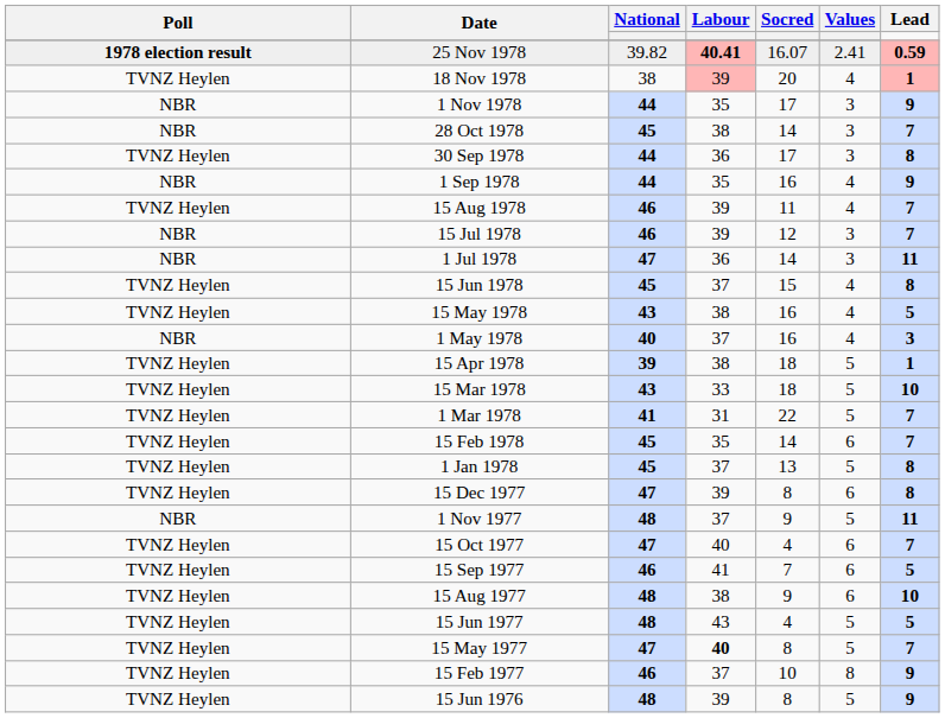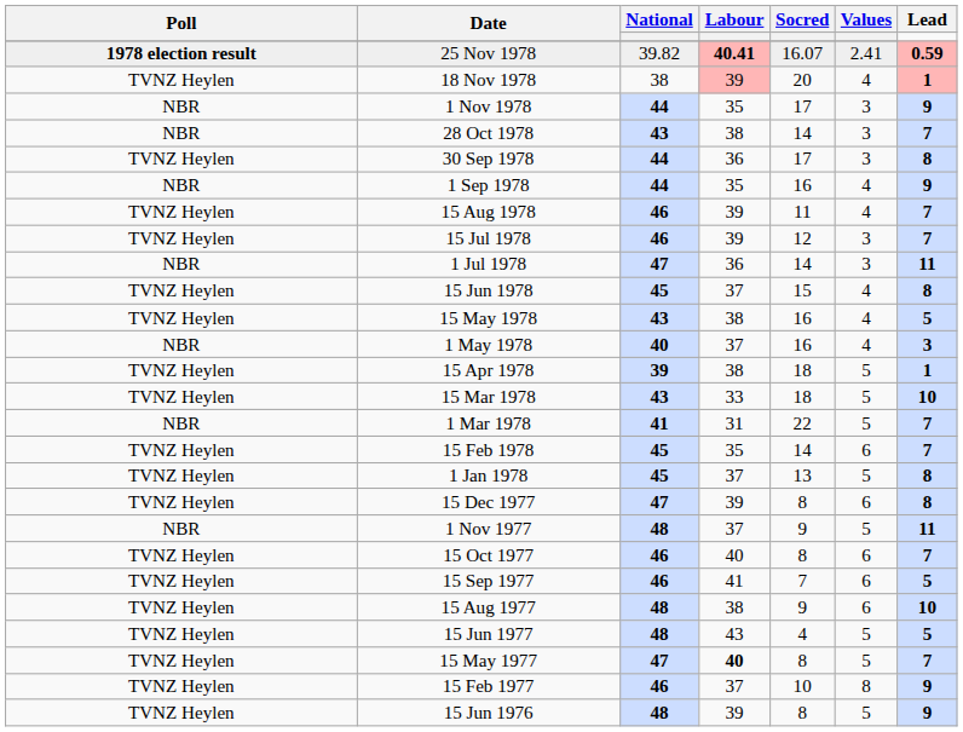 <table class="wikitable sortable" style="width:750px;font-size:90%;line-height:14px;text-align:center;">
 <tr>
 <th style="width:270px;" rowspan="2">Poll</th>
 <th style="width:200px;" rowspan="2">Date</th>
 <th><a href='#'>National</a></th>
 <th><a href='#'>Labour</a></th>
 <th><a href='#'>Socred</a></th>
 <th><a href='#'>Values</a></th>
 <th data-sort-type="number" style="width:40px;">Lead</th>
 </tr>
 <tr>
 <th class="unsortable" style="color:inherit;background:"></th>
 <th class="unsortable" style="color:inherit;background:"></th>
 <th class="unsortable" style="color:inherit;background:"></th>
 <th class="unsortable" style="color:inherit;background:"></th>
 </tr>
 <tr>
 </tr>
 <tr style="background:#EFEFEF; font-weight:italic;">
 <td><strong>1978 election result</strong></td>
 <td data-sort-value="1975-11-29">25 Nov 1978</td>
 <td>39.82</td>
 <td style="background:#FFB6B6"><strong>40.41</strong></td>
 <td>16.07</td>
 <td>2.41</td>
 <td style="background:#FFB6B6"><strong>0.59</strong></td>
 </tr>
 <tr>
 <td>TVNZ Heylen</td>
 <td data-sort-value="1975-02-15">18 Nov 1978</td>
 <td>38</td>
 <td style="background:#FFB6B6">39</td>
 <td>20</td>
 <td>4</td>
 <td style="background:#FFB6B6"><strong>1</strong></td>
 </tr>
 <tr>
 <td>NBR</td>
 <td data-sort-value="1975-02-15">1 Nov 1978</td>
 <td style="background:#CCDDFF"><strong>44</strong></td>
 <td>35</td>
 <td>17</td>
 <td>3</td>
 <td style="background:#CCDDFF"><strong>9</strong></td>
 </tr>
 <tr>
 <td>NBR</td>
 <td data-sort-value="1975-02-15">28 Oct 1978</td>
-<td style="background:#CCDDFF"><strong>45</strong></td>
+<td style="background:#CCDDFF"><strong>43</strong></td>
 <td>38</td>
 <td>14</td>
 <td>3</td>
 <td style="background:#CCDDFF"><strong>7</strong></td>
 </tr>
 <tr>
 <td>TVNZ Heylen</td>
 <td data-sort-value="1975-02-15">30 Sep 1978</td>
 <td style="background:#CCDDFF"><strong>44</strong></td>
 <td>36</td>
 <td>17</td>
 <td>3</td>
 <td style="background:#CCDDFF"><strong>8</strong></td>
 </tr>
 <tr>
 <td>NBR</td>
 <td data-sort-value="1975-02-15">1 Sep 1978</td>
 <td style="background:#CCDDFF"><strong>44</strong></td>
 <td>35</td>
 <td>16</td>
 <td>4</td>
 <td style="background:#CCDDFF"><strong>9</strong></td>
 </tr>
 <tr>
 <td>TVNZ Heylen</td>
 <td data-sort-value="1975-02-15">15 Aug 1978</td>
 <td style="background:#CCDDFF"><strong>46</strong></td>
 <td>39</td>
 <td>11</td>
 <td>4</td>
 <td style="background:#CCDDFF"><strong>7</strong></td>
 </tr>
 <tr>
-<td>NBR</td>
+<td>TVNZ Heylen</td>
 <td data-sort-value="1975-02-15">15 Jul 1978</td>
 <td style="background:#CCDDFF"><strong>46</strong></td>
 <td>39</td>
 <td>12</td>
 <td>3</td>
 <td style="background:#CCDDFF"><strong>7</strong></td>
 </tr>
 <tr>
 <td>NBR</td>
 <td data-sort-value="1975-02-15">1 Jul 1978</td>
 <td style="background:#CCDDFF"><strong>47</strong></td>
 <td>36</td>
 <td>14</td>
 <td>3</td>
 <td style="background:#CCDDFF"><strong>11</strong></td>
 </tr>
 <tr>
 <td>TVNZ Heylen</td>
 <td data-sort-value="1975-02-15">15 Jun 1978</td>
 <td style="background:#CCDDFF"><strong>45</strong></td>
 <td>37</td>
 <td>15</td>
 <td>4</td>
 <td style="background:#CCDDFF"><strong>8</strong></td>
 </tr>
 <tr>
 <td>TVNZ Heylen</td>
 <td data-sort-value="1975-02-15">15 May 1978</td>
 <td style="background:#CCDDFF"><strong>43</strong></td>
 <td>38</td>
 <td>16</td>
 <td>4</td>
 <td style="background:#CCDDFF"><strong>5</strong></td>
 </tr>
 <tr>
 <td>NBR</td>
 <td data-sort-value="1975-02-15">1 May 1978</td>
 <td style="background:#CCDDFF"><strong>40</strong></td>
 <td>37</td>
 <td>16</td>
 <td>4</td>
 <td style="background:#CCDDFF"><strong>3</strong></td>
 </tr>
 <tr>
 <td>TVNZ Heylen</td>
 <td data-sort-value="1975-02-15">15 Apr 1978</td>
 <td style="background:#CCDDFF"><strong>39</strong></td>
 <td>38</td>
 <td>18</td>
 <td>5</td>
 <td style="background:#CCDDFF"><strong>1</strong></td>
 </tr>
 <tr>
 <td>TVNZ Heylen</td>
 <td data-sort-value="1975-02-15">15 Mar 1978</td>
 <td style="background:#CCDDFF"><strong>43</strong></td>
 <td>33</td>
 <td>18</td>
 <td>5</td>
 <td style="background:#CCDDFF"><strong>10</strong></td>
 </tr>
 <tr>
-<td>TVNZ Heylen</td>
+<td>NBR</td>
 <td data-sort-value="1975-02-15">1 Mar 1978</td>
 <td style="background:#CCDDFF"><strong>41</strong></td>
 <td>31</td>
 <td>22</td>
 <td>5</td>
 <td style="background:#CCDDFF"><strong>7</strong></td>
 </tr>
 <tr>
 <td>TVNZ Heylen</td>
 <td data-sort-value="1975-02-15">15 Feb 1978</td>
 <td style="background:#CCDDFF"><strong>45</strong></td>
 <td>35</td>
 <td>14</td>
 <td>6</td>
 <td style="background:#CCDDFF"><strong>7</strong></td>
 </tr>
 <tr>
 <td>TVNZ Heylen</td>
 <td data-sort-value="1975-02-15">1 Jan 1978</td>
 <td style="background:#CCDDFF"><strong>45</strong></td>
 <td>37</td>
 <td>13</td>
 <td>5</td>
 <td style="background:#CCDDFF"><strong>8</strong></td>
 </tr>
 <tr>
 <td>TVNZ Heylen</td>
 <td data-sort-value="1975-02-15">15 Dec 1977</td>
 <td style="background:#CCDDFF"><strong>47</strong></td>
 <td>39</td>
 <td>8</td>
 <td>6</td>
 <td style="background:#CCDDFF"><strong>8</strong></td>
 </tr>
 <tr>
 <td>NBR</td>
 <td data-sort-value="1975-02-15">1 Nov 1977</td>
 <td style="background:#CCDDFF"><strong>48</strong></td>
 <td>37</td>
 <td>9</td>
 <td>5</td>
 <td style="background:#CCDDFF"><strong>11</strong></td>
 </tr>
 <tr>
 <td>TVNZ Heylen</td>
 <td data-sort-value="1975-02-15">15 Oct 1977</td>
-<td style="background:#CCDDFF"><strong>47</strong></td>
+<td style="background:#CCDDFF"><strong>46</strong></td>
 <td>40</td>
-<td>4</td>
+<td>8</td>
 <td>6</td>
 <td style="background:#CCDDFF"><strong>7</strong></td>
 </tr>
 <tr>
 <td>TVNZ Heylen</td>
 <td data-sort-value="1975-02-15">15 Sep 1977</td>
 <td style="background:#CCDDFF"><strong>46</strong></td>
 <td>41</td>
 <td>7</td>
 <td>6</td>
 <td style="background:#CCDDFF"><strong>5</strong></td>
 </tr>
 <tr>
 <td>TVNZ Heylen</td>
 <td data-sort-value="1975-02-15">15 Aug 1977</td>
 <td style="background:#CCDDFF"><strong>48</strong></td>
 <td>38</td>
 <td>9</td>
 <td>6</td>
 <td style="background:#CCDDFF"><strong>10</strong></td>
 </tr>
 <tr>
 <td>TVNZ Heylen</td>
 <td data-sort-value="1975-02-15">15 Jun 1977</td>
 <td style="background:#CCDDFF"><strong>48</strong></td>
 <td>43</td>
 <td>4</td>
 <td>5</td>
 <td style="background:#CCDDFF"><strong>5</strong></td>
 </tr>
 <tr>
 <td>TVNZ Heylen</td>
 <td data-sort-value="1975-02-15">15 May 1977</td>
 <td style="background:#CCDDFF"><strong>47</strong></td>
 <td><strong>40</strong></td>
 <td>8</td>
 <td>5</td>
 <td style="background:#CCDDFF"><strong>7</strong></td>
 </tr>
 <tr>
 <td>TVNZ Heylen</td>
 <td data-sort-value="1975-02-15">15 Feb 1977</td>
 <td style="background:#CCDDFF"><strong>46</strong></td>
 <td>37</td>
 <td>10</td>
 <td>8</td>
 <td style="background:#CCDDFF"><strong>9</strong></td>
 </tr>
 <tr>
 <td>TVNZ Heylen</td>
 <td data-sort-value="1975-02-15">15 Jun 1976</td>
 <td style="background:#CCDDFF"><strong>48</strong></td>
 <td>39</td>
 <td>8</td>
 <td>5</td>
 <td style="background:#CCDDFF"><strong>9</strong></td>
 </tr>
 </table>
